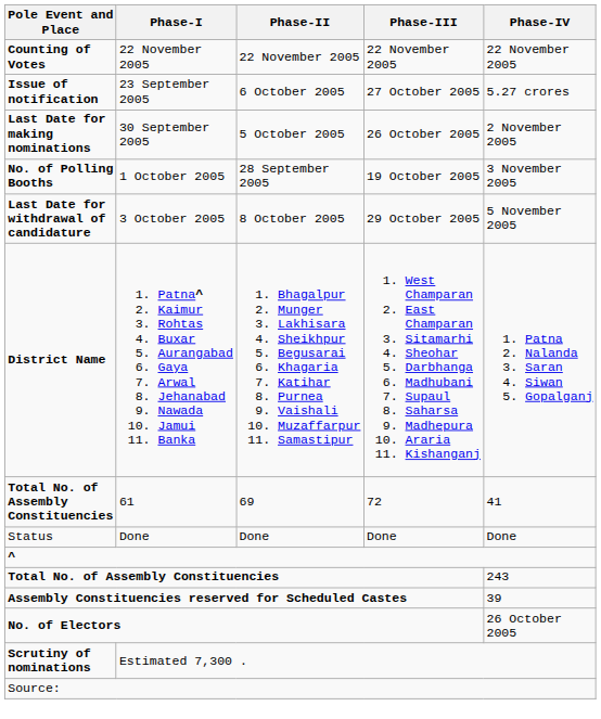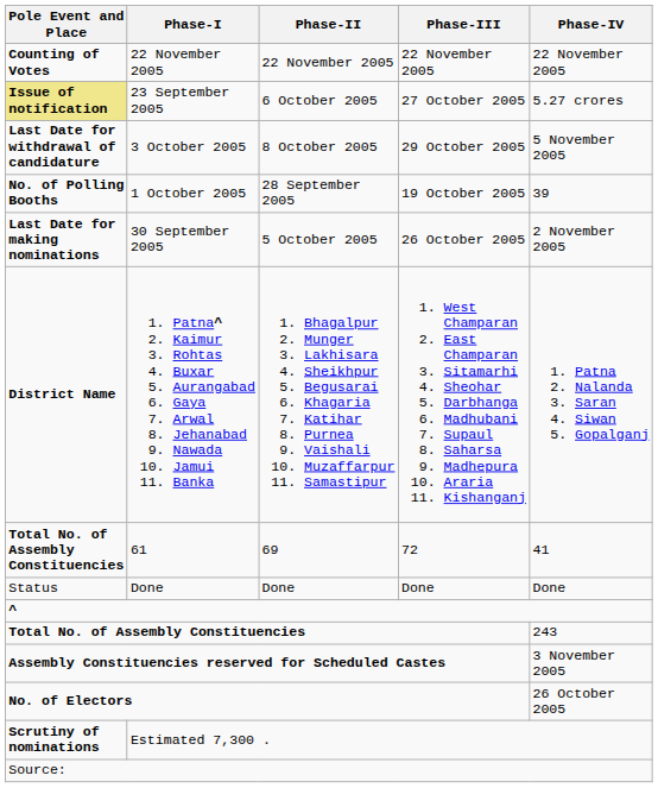 <table class="wikitable">
 <tr>
 <th>Pole Event and Place</th>
 <th>Phase-I</th>
 <th>Phase-II</th>
 <th>Phase-III</th>
 <th>Phase-IV</th>
 </tr>
 <tr>
 <td><strong>Counting of Votes</strong></td>
 <td>22 November 2005</td>
 <td>22 November 2005</td>
 <td>22 November 2005</td>
 <td>22 November 2005</td>
 </tr>
 <tr>
-<td><strong>Issue of notification</strong></td>
+<td style="background: khaki;"><strong>Issue of notification</strong></td>
 <td>23 September 2005</td>
 <td>6 October 2005</td>
 <td>27 October 2005</td>
 <td>5.27 crores</td>
+</tr>
+<tr>
+<td><strong>Last Date for withdrawal of candidature</strong></td>
+<td>3 October 2005</td>
+<td>8 October 2005</td>
+<td>29 October 2005</td>
+<td>5 November 2005</td>
+</tr>
+<tr>
+<td><strong>No. of Polling Booths</strong></td>
+<td>1 October 2005</td>
+<td>28 September 2005</td>
+<td>19 October 2005</td>
+<td>39</td>
 </tr>
 <tr>
 <td><strong>Last Date for making nominations</strong></td>
 <td>30 September 2005</td>
 <td>5 October 2005</td>
 <td>26 October 2005</td>
 <td>2 November 2005</td>
-</tr>
-<tr>
-<td><strong>No. of Polling Booths</strong></td>
-<td>1 October 2005</td>
-<td>28 September 2005</td>
-<td>19 October 2005</td>
-<td>3 November 2005</td>
-</tr>
-<tr>
-<td><strong>Last Date for withdrawal of candidature</strong></td>
-<td>3 October 2005</td>
-<td>8 October 2005</td>
-<td>29 October 2005</td>
-<td>5 November 2005</td>
 </tr>
 <tr>
 <td><strong>District Name</strong></td>
 <td><br><ol><li><a href='#'>Patna</a><strong>^</strong></li><li><a href='#'>Kaimur</a></li><li><a href='#'>Rohtas</a></li><li><a href='#'>Buxar</a></li><li><a href='#'>Aurangabad</a></li><li><a href='#'>Gaya</a></li><li><a href='#'>Arwal</a></li><li><a href='#'>Jehanabad</a></li><li><a href='#'>Nawada</a></li><li><a href='#'>Jamui</a></li><li><a href='#'>Banka</a></li></ol></td>
 <td><br><ol><li><a href='#'>Bhagalpur</a></li><li><a href='#'>Munger</a></li><li><a href='#'>Lakhisara</a></li><li><a href='#'>Sheikhpur</a></li><li><a href='#'>Begusarai</a></li><li><a href='#'>Khagaria</a></li><li><a href='#'>Katihar</a></li><li><a href='#'>Purnea</a></li><li><a href='#'>Vaishali</a></li><li><a href='#'>Muzaffarpur</a></li><li><a href='#'>Samastipur</a></li></ol></td>
 <td><br><ol><li><a href='#'>West Champaran</a></li><li><a href='#'>East Champaran</a></li><li><a href='#'>Sitamarhi</a></li><li><a href='#'>Sheohar</a></li><li><a href='#'>Darbhanga</a></li><li><a href='#'>Madhubani</a></li><li><a href='#'>Supaul</a></li><li><a href='#'>Saharsa</a></li><li><a href='#'>Madhepura</a></li><li><a href='#'>Araria</a></li><li><a href='#'>Kishanganj</a></li></ol></td>
 <td><br><ol><li><a href='#'>Patna</a></li><li><a href='#'>Nalanda</a></li><li><a href='#'>Saran</a></li><li><a href='#'>Siwan</a></li><li><a href='#'>Gopalganj</a></li></ol></td>
 </tr>
 <tr>
 <td><strong>Total No. of Assembly Constituencies</strong></td>
 <td>61</td>
 <td>69</td>
 <td>72</td>
 <td>41</td>
 </tr>
 <tr>
 <td>Status</td>
 <td>Done</td>
 <td>Done</td>
 <td>Done</td>
 <td>Done</td>
 </tr>
 <tr>
 <td colspan=5><strong>^</strong> </td>
 </tr>
 <tr>
 <td colspan=4><strong>Total No. of Assembly Constituencies </strong></td>
 <td>243</td>
 </tr>
 <tr>
 <td colspan=4><strong>Assembly Constituencies reserved for Scheduled Castes </strong></td>
-<td>39</td>
+<td>3 November 2005</td>
 </tr>
 <tr>
 <td colspan=4><strong>No. of Electors</strong></td>
 <td>26 October 2005</td>
 </tr>
 <tr>
 <td><strong>Scrutiny of nominations</strong></td>
 <td colspan=4>Estimated 7,300 .</td>
 </tr>
 <tr>
 <td colspan=5>Source: </td>
 </tr>
 </table>
